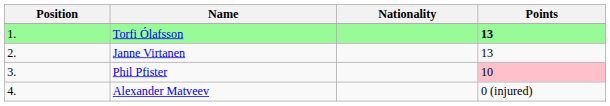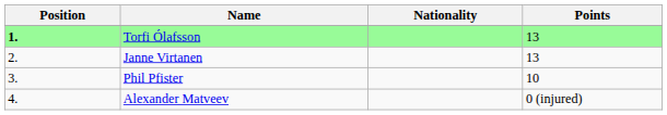 <table class="wikitable" style="display: inline-table; width: 50%;">
 <tr>
 <th>Position</th>
 <th>Name</th>
 <th>Nationality</th>
 <th>Points</th>
 </tr>
 <tr>
 </tr>
 <tr bgcolor=palegreen>
-<td>1.</td>
+<td><strong>1.</strong></td>
 <td><a href='#'>Torfi Ólafsson</a></td>
 <td></td>
-<td><strong>13</strong></td>
+<td>13</td>
 </tr>
 <tr>
 <td>2.</td>
 <td><a href='#'>Janne Virtanen</a></td>
 <td></td>
 <td>13</td>
 </tr>
 <tr>
 <td>3.</td>
 <td><a href='#'>Phil Pfister</a></td>
 <td></td>
-<td style="background: pink;">10</td>
+<td>10</td>
 </tr>
 <tr>
 <td>4.</td>
 <td><a href='#'>Alexander Matveev</a></td>
 <td></td>
 <td>0 (injured)</td>
 </tr>
 </table>
